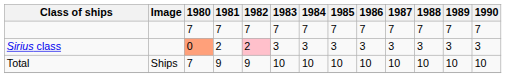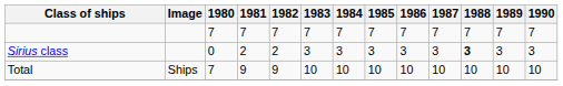 <table class="wikitable sortable collapsible collapsed">
 <tr>
 <th style="width:29%;">Class of ships</th>
 <th>Image</th>
 <th>1980</th>
 <th>1981</th>
 <th>1982</th>
 <th>1983</th>
 <th>1984</th>
 <th>1985</th>
 <th>1986</th>
 <th>1987</th>
 <th>1988</th>
 <th>1989</th>
 <th>1990</th>
 </tr>
 <tr valign="top">
 <td></td>
 <td></td>
 <td>7</td>
 <td>7</td>
 <td>7</td>
 <td>7</td>
 <td>7</td>
 <td>7</td>
 <td>7</td>
 <td>7</td>
 <td>7</td>
 <td>7</td>
 <td>7</td>
 </tr>
 <tr valign="top">
 <td><a href='#'><em>Sirius</em> class</a></td>
 <td></td>
-<td style="background: lightsalmon;">0</td>
+<td>0</td>
 <td>2</td>
-<td style="background: pink;">2</td>
+<td>2</td>
 <td>3</td>
 <td>3</td>
 <td>3</td>
 <td>3</td>
 <td>3</td>
-<td>3</td>
+<td><strong>3</strong></td>
 <td>3</td>
 <td>3</td>
 </tr>
 <tr valign="top">
 <td>Total</td>
 <td>Ships</td>
 <td>7</td>
 <td>9</td>
 <td>9</td>
 <td>10</td>
 <td>10</td>
 <td>10</td>
 <td>10</td>
 <td>10</td>
 <td>10</td>
 <td>10</td>
 <td>10</td>
 </tr>
 <tr>
 </tr>
 </table>
